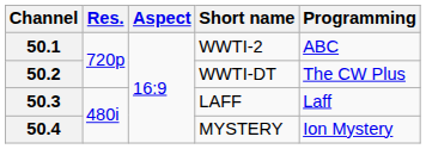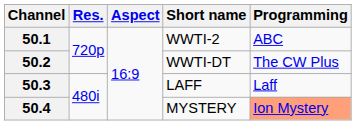 <table class="wikitable">
 <tr>
 <th>Channel</th>
 <th><a href='#'>Res.</a></th>
 <th><a href='#'>Aspect</a></th>
 <th>Short name</th>
 <th>Programming</th>
 </tr>
 <tr>
 <th scope = "row">50.1</th>
 <td rowspan=2><a href='#'>720p</a></td>
 <td rowspan=4><a href='#'>16:9</a></td>
 <td>WWTI-2</td>
 <td><a href='#'>ABC</a></td>
 </tr>
 <tr>
 <th scope = "row">50.2</th>
 <td>WWTI-DT</td>
 <td><a href='#'>The CW Plus</a></td>
 </tr>
 <tr>
 <th scope = "row">50.3</th>
 <td rowspan=2><a href='#'>480i</a></td>
 <td>LAFF</td>
 <td><a href='#'>Laff</a></td>
 </tr>
 <tr>
 <th scope = "row">50.4</th>
 <td>MYSTERY</td>
-<td><a href='#'>Ion Mystery</a></td>
+<td style="background: lightsalmon;"><a href='#'>Ion Mystery</a></td>
 </tr>
 </table>
